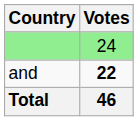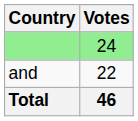 <table class="wikitable" style="text-align: center;">
 <tr>
 <th rowspan=2>Country</th>
 </tr>
 <tr>
 <th>Votes</th>
 </tr>
 <tr style="background:#90ee90;">
 <td style="text-align:left;"></td>
 <td>24</td>
 </tr>
 <tr>
 <td style="text-align:left;"> and </td>
-<td><strong>22</strong></td>
+<td>22</td>
 </tr>
 <tr>
 <th style="text-align:left;">Total</th>
 <th>46</th>
 </tr>
 </table>
